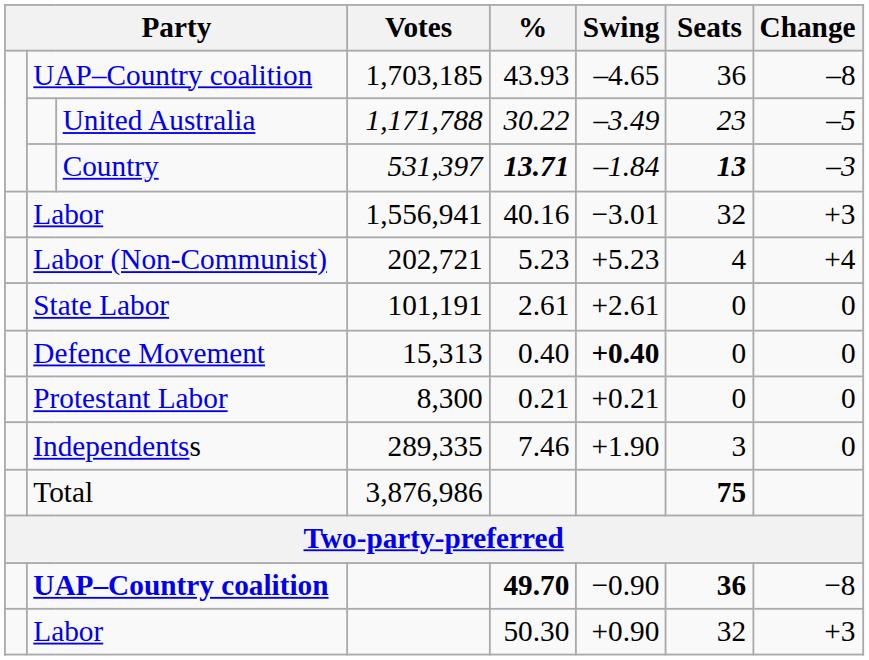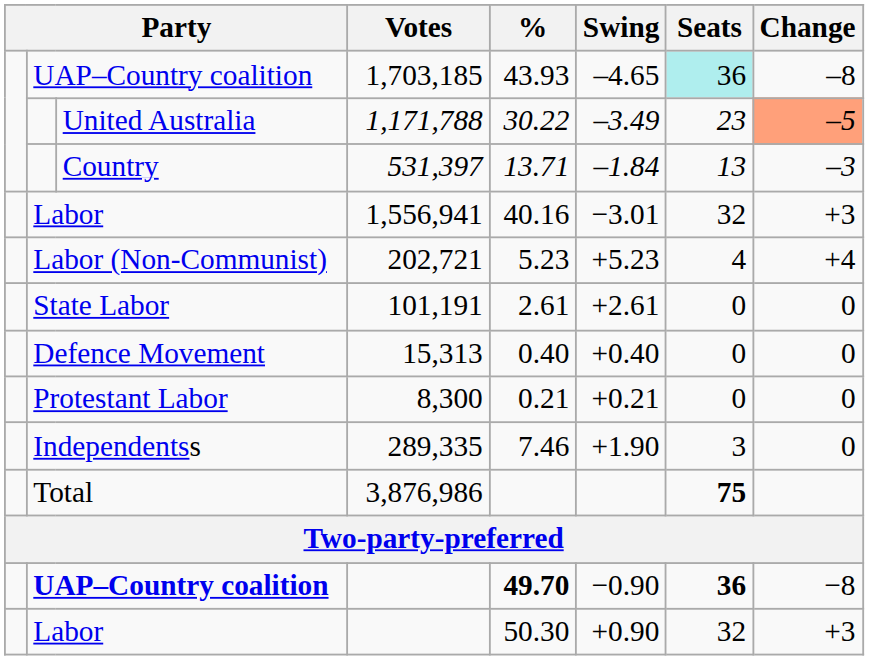 <table class="wikitable">
 <tr>
 <th colspan=3 style="width:180px">Party</th>
 <th style="width:70px">Votes</th>
 <th style="width:40px">%</th>
 <th style="width:40px">Swing</th>
 <th style="width:40px">Seats</th>
 <th style="width:40px">Change</th>
 </tr>
 <tr>
 <td rowspan=3> </td>
 <td colspan=2><a href='#'>UAP–Country coalition</a></td>
 <td align=right>1,703,185</td>
 <td align=right>43.93</td>
 <td align=right>–4.65</td>
-<td align=right>36</td>
+<td align=right style="background: paleturquoise;">36</td>
 <td align=right>–8</td>
 </tr>
 <tr>
 <td> </td>
 <td><a href='#'>United Australia</a></td>
 <td style="text-align:right"><em>1,171,788</em></td>
 <td style="text-align:right"><em>30.22</em></td>
 <td style="text-align:right"><em>–3.49</em></td>
 <td style="text-align:right"><em>23</em></td>
-<td style="text-align:right"><em>–5</em></td>
+<td style="background: lightsalmon; text-align:right"><em>–5</em></td>
 </tr>
 <tr>
 <td> </td>
 <td><a href='#'>Country</a></td>
 <td style="text-align:right"><em>531,397</em></td>
-<td style="text-align:right"><strong><em>13.71</em></strong></td>
+<td style="text-align:right"><em>13.71</em></td>
 <td style="text-align:right"><em>–1.84</em></td>
-<td style="text-align:right"><strong><em>13</em></strong></td>
+<td style="text-align:right"><em>13</em></td>
 <td style="text-align:right"><em>–3</em></td>
 </tr>
 <tr>
 <td> </td>
 <td colspan=2><a href='#'>Labor</a></td>
 <td style="text-align:right">1,556,941</td>
 <td style="text-align:right">40.16</td>
 <td style="text-align:right">−3.01</td>
 <td style="text-align:right">32</td>
 <td style="text-align:right">+3</td>
 </tr>
 <tr>
 <td> </td>
 <td colspan=2><a href='#'>Labor (Non-Communist)</a></td>
 <td style="text-align:right">202,721</td>
 <td style="text-align:right">5.23</td>
 <td style="text-align:right">+5.23</td>
 <td style="text-align:right">4</td>
 <td style="text-align:right">+4</td>
 </tr>
 <tr>
 <td> </td>
 <td colspan=2><a href='#'>State Labor</a></td>
 <td style="text-align:right">101,191</td>
 <td style="text-align:right">2.61</td>
 <td style="text-align:right">+2.61</td>
 <td style="text-align:right">0</td>
 <td style="text-align:right">0</td>
 </tr>
 <tr>
 <td> </td>
 <td colspan=2><a href='#'>Defence Movement</a></td>
 <td style="text-align:right">15,313</td>
 <td style="text-align:right">0.40</td>
-<td style="text-align:right"><strong>+0.40</strong></td>
+<td style="text-align:right">+0.40</td>
 <td style="text-align:right">0</td>
 <td style="text-align:right">0</td>
 </tr>
 <tr>
 <td> </td>
 <td colspan=2><a href='#'>Protestant Labor</a></td>
 <td style="text-align:right">8,300</td>
 <td style="text-align:right">0.21</td>
 <td style="text-align:right">+0.21</td>
 <td style="text-align:right">0</td>
 <td style="text-align:right">0</td>
 </tr>
 <tr>
 <td> </td>
 <td colspan=2><a href='#'>Independents</a>s</td>
 <td style="text-align:right">289,335</td>
 <td style="text-align:right">7.46</td>
 <td style="text-align:right">+1.90</td>
 <td style="text-align:right">3</td>
 <td style="text-align:right">0</td>
 </tr>
 <tr>
 <td> </td>
 <td colspan=2>Total</td>
 <td style="text-align:right">3,876,986</td>
 <td style="text-align:right"> </td>
 <td style="text-align:right"> </td>
 <td style="text-align:right"><strong>75</strong></td>
 <td style="text-align:right"></td>
 </tr>
 <tr>
 <th colspan=8 align=center><a href='#'>Two-party-preferred</a> </th>
 </tr>
 <tr>
 <td> </td>
 <td colspan=2><strong><a href='#'>UAP–Country coalition</a></strong></td>
 <td style="text-align:center"></td>
 <td style="text-align:right"><strong>49.70</strong></td>
 <td style="text-align:right">−0.90</td>
 <td style="text-align:right"><strong>36</strong></td>
 <td style="text-align:right">−8</td>
 </tr>
 <tr>
 <td> </td>
 <td colspan=2><a href='#'>Labor</a></td>
 <td style="text-align:center"></td>
 <td style="text-align:right">50.30</td>
 <td style="text-align:right">+0.90</td>
 <td style="text-align:right">32</td>
 <td style="text-align:right">+3</td>
 </tr>
 </table>
